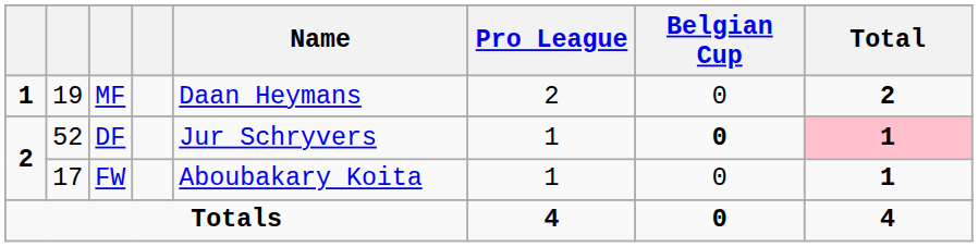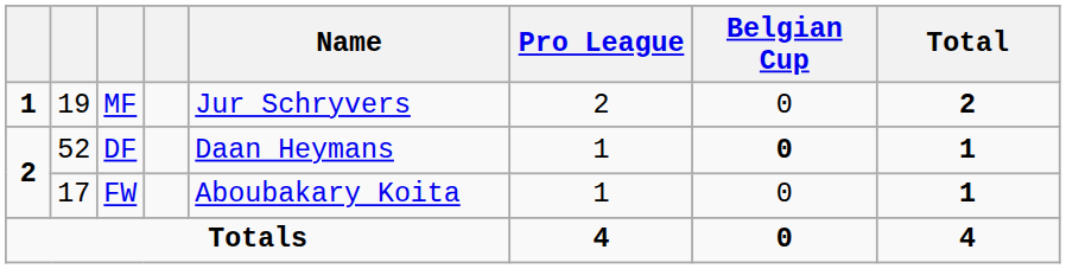 <table class="wikitable" style="text-align:center">
 <tr>
 <th width=15></th>
 <th width=15></th>
 <th width=15></th>
 <th width=15></th>
 <th width=145>Name</th>
 <th width=80><a href='#'>Pro League</a></th>
 <th width=80><a href='#'>Belgian Cup</a></th>
 <th width=80>Total</th>
 </tr>
 <tr>
 <td><strong>1</strong></td>
 <td>19</td>
 <td><a href='#'>MF</a></td>
 <td></td>
-<td align=left><a href='#'>Daan Heymans</a></td>
+<td align=left><a href='#'>Jur Schryvers</a></td>
 <td>2</td>
 <td>0</td>
 <td><strong>2</strong></td>
 </tr>
 <tr>
 <td rowspan=2><strong>2</strong></td>
 <td>52</td>
 <td><a href='#'>DF</a></td>
 <td></td>
-<td align=left><a href='#'>Jur Schryvers</a></td>
+<td align=left><a href='#'>Daan Heymans</a></td>
 <td>1</td>
 <td><strong>0</strong></td>
-<td style="background: pink;"><strong>1</strong></td>
+<td><strong>1</strong></td>
 </tr>
 <tr>
 <td>17</td>
 <td><a href='#'>FW</a></td>
 <td></td>
 <td align=left><a href='#'>Aboubakary Koita</a></td>
 <td>1</td>
 <td>0</td>
 <td><strong>1</strong></td>
 </tr>
 <tr>
 <td colspan=5><strong>Totals</strong></td>
 <td><strong>4</strong></td>
 <td><strong>0</strong></td>
 <td><strong>4</strong></td>
 </tr>
 </table>
